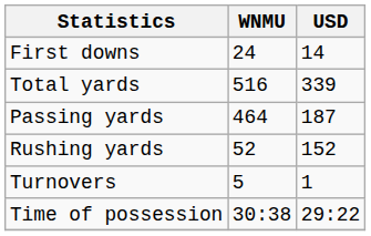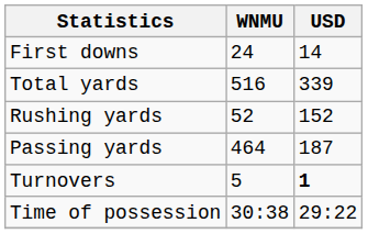 <table class="wikitable">
 <tr>
 <th>Statistics</th>
 <th>WNMU</th>
 <th>USD</th>
 </tr>
 <tr>
 <td>First downs</td>
 <td>24</td>
 <td>14</td>
 </tr>
 <tr>
 <td>Total yards</td>
 <td>516</td>
 <td>339</td>
 </tr>
 <tr>
+<td>Rushing yards</td>
+<td>52</td>
+<td>152</td>
+</tr>
+<tr>
 <td>Passing yards</td>
 <td>464</td>
 <td>187</td>
 </tr>
 <tr>
-<td>Rushing yards</td>
-<td>52</td>
-<td>152</td>
-</tr>
-<tr>
 <td>Turnovers</td>
 <td>5</td>
-<td>1</td>
+<td><strong>1</strong></td>
 </tr>
 <tr>
 <td>Time of possession</td>
 <td>30:38</td>
 <td>29:22</td>
 </tr>
 <tr>
 </tr>
 </table>
